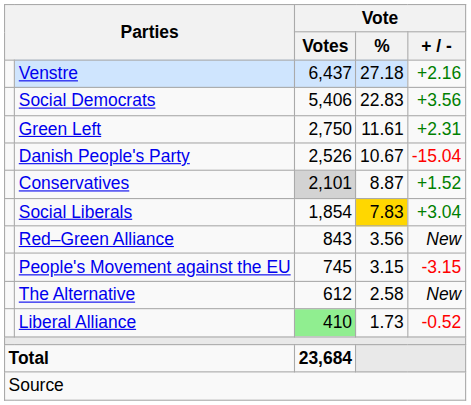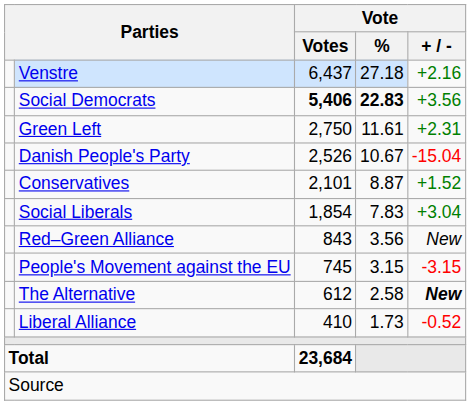 <table class="wikitable" style="text-align:right;">
 <tr>
 <th style="text-align:centre;" rowspan="2" colspan="2" width="225">Parties</th>
 <th colspan="3">Vote</th>
 </tr>
 <tr>
 <th width="15">Votes</th>
 <th width="15">%</th>
 <th width="15">+ / -</th>
 </tr>
 <tr>
 <td width="2" style="color:inherit;background:"></td>
 <td bgcolor=#cfe5fe   align="left"><a href='#'>Venstre</a></td>
 <td bgcolor=#cfe5fe>6,437</td>
 <td bgcolor=#cfe5fe>27.18</td>
 <td style=color:green;>+2.16</td>
 </tr>
 <tr>
 <td width="2" style="color:inherit;background:"></td>
 <td align="left"><a href='#'>Social Democrats</a></td>
-<td>5,406</td>
-<td>22.83</td>
+<td><strong>5,406</strong></td>
+<td><strong>22.83</strong></td>
 <td style=color:green;>+3.56</td>
 </tr>
 <tr>
 <td width="2" style="color:inherit;background:"></td>
 <td align="left"><a href='#'>Green Left</a></td>
 <td>2,750</td>
 <td>11.61</td>
 <td style=color:green;>+2.31</td>
 </tr>
 <tr>
 <td width="2" style="color:inherit;background:"></td>
 <td align="left"><a href='#'>Danish People's Party</a></td>
 <td>2,526</td>
 <td>10.67</td>
 <td style=color:red;>-15.04</td>
 </tr>
 <tr>
 <td width="2" style="color:inherit;background:"></td>
 <td align="left"><a href='#'>Conservatives</a></td>
-<td style="background: lightgrey;">2,101</td>
+<td>2,101</td>
 <td>8.87</td>
 <td style=color:green;>+1.52</td>
 </tr>
 <tr>
 <td width="2" style="color:inherit;background:"></td>
 <td align="left"><a href='#'>Social Liberals</a></td>
 <td>1,854</td>
-<td style="background: gold;">7.83</td>
+<td>7.83</td>
 <td style=color:green;>+3.04</td>
 </tr>
 <tr>
 <td width="2" style="color:inherit;background:"></td>
 <td align="left"><a href='#'>Red–Green Alliance</a></td>
 <td>843</td>
 <td>3.56</td>
 <td><em>New</em></td>
 </tr>
 <tr>
 <td width="2" style="color:inherit;background:"></td>
 <td align="left"><a href='#'>People's Movement against the EU</a></td>
 <td>745</td>
 <td>3.15</td>
 <td style=color:red;>-3.15</td>
 </tr>
 <tr>
 <td width="2" style="color:inherit;background:"></td>
 <td align="left"><a href='#'>The Alternative</a></td>
 <td>612</td>
 <td>2.58</td>
-<td><em>New</em></td>
+<td><strong><em>New</em></strong></td>
 </tr>
 <tr>
 <td width="2" style="color:inherit;background:"></td>
 <td align="left"><a href='#'>Liberal Alliance</a></td>
-<td style="background: lightgreen;">410</td>
+<td>410</td>
 <td>1.73</td>
 <td style=color:red;>-0.52</td>
 </tr>
 <tr>
 <td colspan="7" bgcolor="#E9E9E9"></td>
 </tr>
 <tr>
 <td align="left" colspan="2"><strong>Total</strong></td>
 <td><strong>23,684</strong></td>
 <td bgcolor="#E9E9E9" colspan="2"></td>
 </tr>
 <tr>
 <td align="left" colspan="6">Source</td>
 </tr>
 </table>
